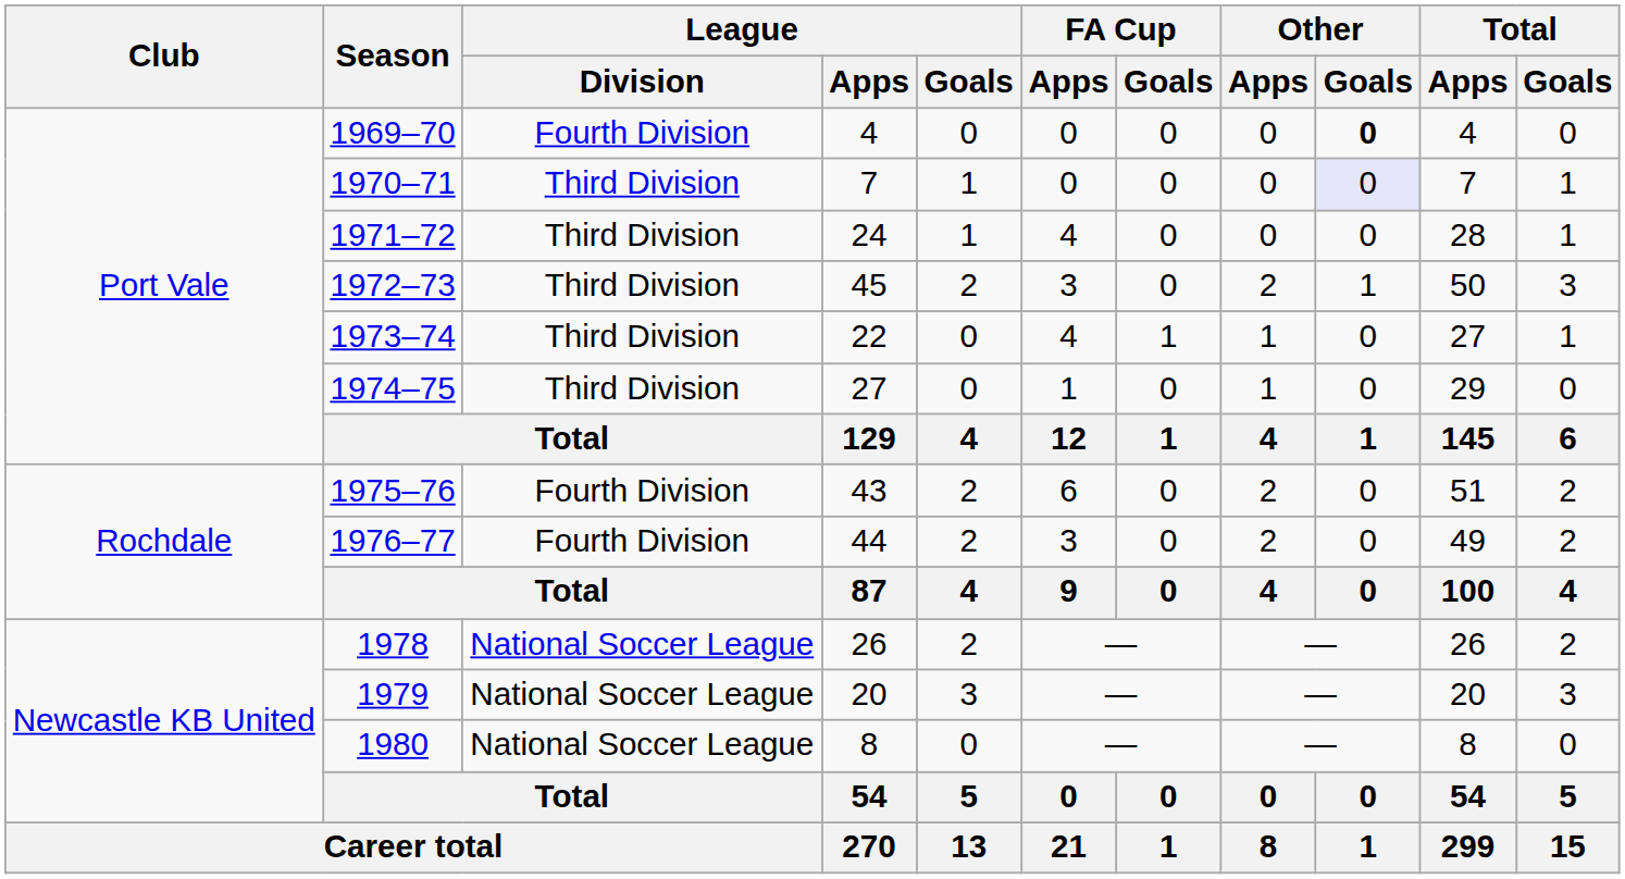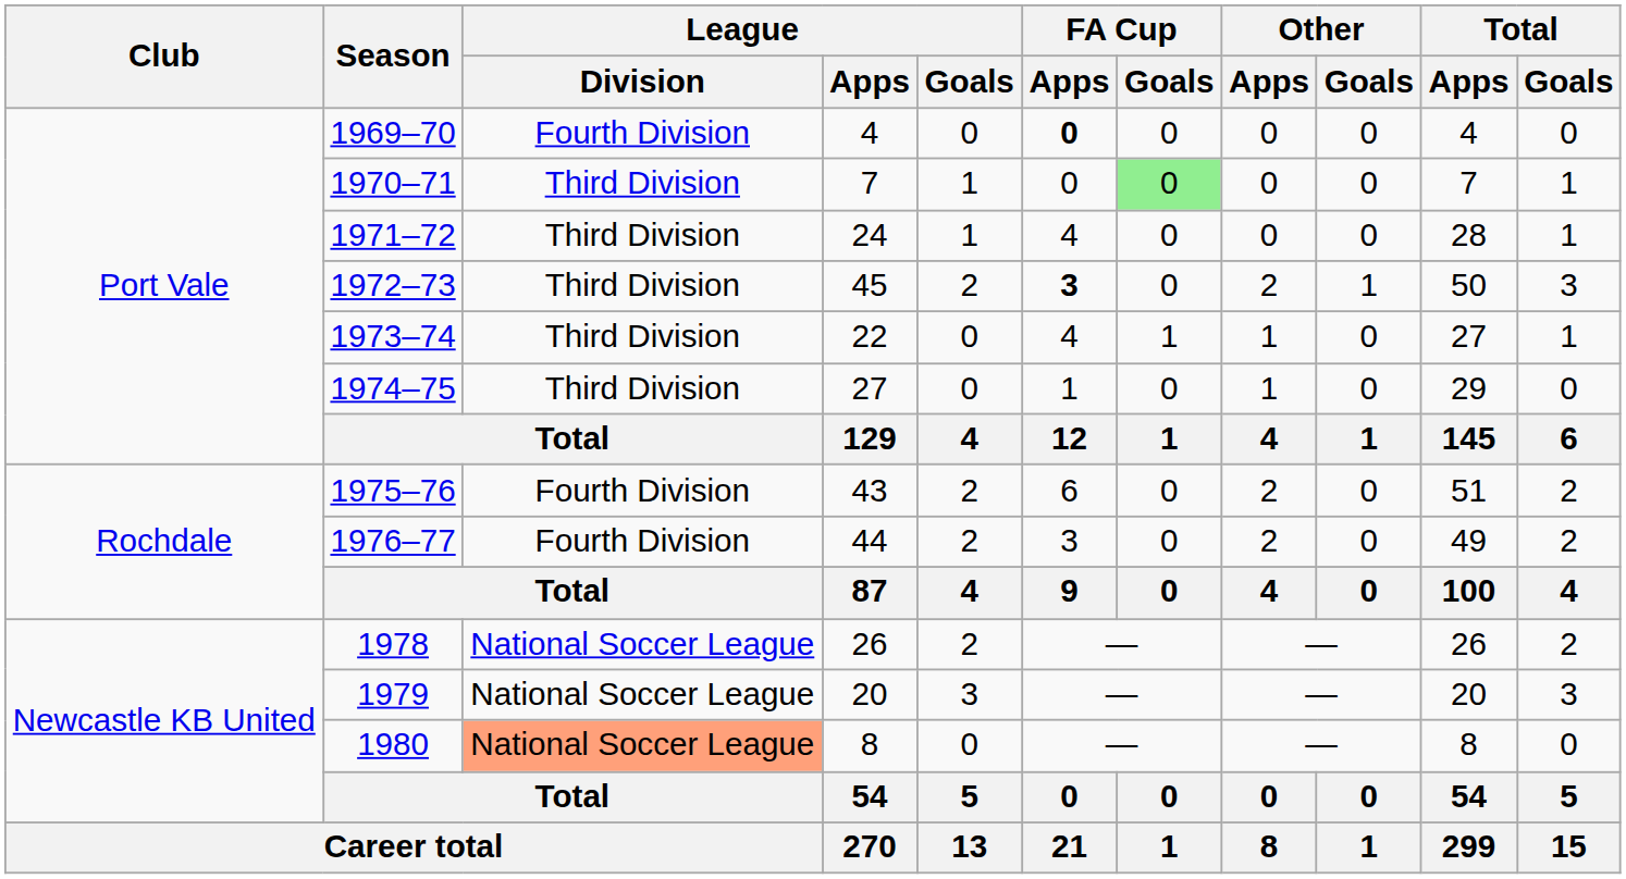 <table class="wikitable" style="text-align: center;">
 <tr>
 <th rowspan="2">Club</th>
 <th rowspan="2">Season</th>
 <th colspan="3">League</th>
 <th colspan="2">FA Cup</th>
 <th colspan="2">Other</th>
 <th colspan="2">Total</th>
 </tr>
 <tr>
 <th>Division</th>
 <th>Apps</th>
 <th>Goals</th>
 <th>Apps</th>
 <th>Goals</th>
 <th>Apps</th>
 <th>Goals</th>
 <th>Apps</th>
 <th>Goals</th>
 </tr>
 <tr>
 <td rowspan="7"><a href='#'>Port Vale</a></td>
 <td><a href='#'>1969–70</a></td>
 <td><a href='#'>Fourth Division</a></td>
 <td>4</td>
 <td>0</td>
+<td><strong>0</strong></td>
 <td>0</td>
 <td>0</td>
 <td>0</td>
-<td><strong>0</strong></td>
 <td>4</td>
 <td>0</td>
 </tr>
 <tr>
 <td><a href='#'>1970–71</a></td>
 <td><a href='#'>Third Division</a></td>
 <td>7</td>
 <td>1</td>
 <td>0</td>
+<td style="background: lightgreen;">0</td>
 <td>0</td>
 <td>0</td>
-<td style="background: lavender;">0</td>
 <td>7</td>
 <td>1</td>
 </tr>
 <tr>
 <td><a href='#'>1971–72</a></td>
 <td>Third Division</td>
 <td>24</td>
 <td>1</td>
 <td>4</td>
 <td>0</td>
 <td>0</td>
 <td>0</td>
 <td>28</td>
 <td>1</td>
 </tr>
 <tr>
 <td><a href='#'>1972–73</a></td>
 <td>Third Division</td>
 <td>45</td>
 <td>2</td>
-<td>3</td>
+<td><strong>3</strong></td>
 <td>0</td>
 <td>2</td>
 <td>1</td>
 <td>50</td>
 <td>3</td>
 </tr>
 <tr>
 <td><a href='#'>1973–74</a></td>
 <td>Third Division</td>
 <td>22</td>
 <td>0</td>
 <td>4</td>
 <td>1</td>
 <td>1</td>
 <td>0</td>
 <td>27</td>
 <td>1</td>
 </tr>
 <tr>
 <td><a href='#'>1974–75</a></td>
 <td>Third Division</td>
 <td>27</td>
 <td>0</td>
 <td>1</td>
 <td>0</td>
 <td>1</td>
 <td>0</td>
 <td>29</td>
 <td>0</td>
 </tr>
 <tr>
 <th colspan="2">Total</th>
 <th>129</th>
 <th>4</th>
 <th>12</th>
 <th>1</th>
 <th>4</th>
 <th>1</th>
 <th>145</th>
 <th>6</th>
 </tr>
 <tr>
 <td rowspan="3"><a href='#'>Rochdale</a></td>
 <td><a href='#'>1975–76</a></td>
 <td>Fourth Division</td>
 <td>43</td>
 <td>2</td>
 <td>6</td>
 <td>0</td>
 <td>2</td>
 <td>0</td>
 <td>51</td>
 <td>2</td>
 </tr>
 <tr>
 <td><a href='#'>1976–77</a></td>
 <td>Fourth Division</td>
 <td>44</td>
 <td>2</td>
 <td>3</td>
 <td>0</td>
 <td>2</td>
 <td>0</td>
 <td>49</td>
 <td>2</td>
 </tr>
 <tr>
 <th colspan="2">Total</th>
 <th>87</th>
 <th>4</th>
 <th>9</th>
 <th>0</th>
 <th>4</th>
 <th>0</th>
 <th>100</th>
 <th>4</th>
 </tr>
 <tr>
 <td rowspan="4"><a href='#'>Newcastle KB United</a></td>
 <td><a href='#'>1978</a></td>
 <td><a href='#'>National Soccer League</a></td>
 <td>26</td>
 <td>2</td>
 <td colspan=2>—</td>
 <td colspan=2>—</td>
 <td>26</td>
 <td>2</td>
 </tr>
 <tr>
 <td><a href='#'>1979</a></td>
 <td>National Soccer League</td>
 <td>20</td>
 <td>3</td>
 <td colspan=2>—</td>
 <td colspan=2>—</td>
 <td>20</td>
 <td>3</td>
 </tr>
 <tr>
 <td><a href='#'>1980</a></td>
-<td>National Soccer League</td>
+<td style="background: lightsalmon;">National Soccer League</td>
 <td>8</td>
 <td>0</td>
 <td colspan=2>—</td>
 <td colspan=2>—</td>
 <td>8</td>
 <td>0</td>
 </tr>
 <tr>
 <th colspan="2">Total</th>
 <th>54</th>
 <th>5</th>
 <th>0</th>
 <th>0</th>
 <th>0</th>
 <th>0</th>
 <th>54</th>
 <th>5</th>
 </tr>
 <tr>
 <th colspan="3">Career total</th>
 <th>270</th>
 <th>13</th>
 <th>21</th>
 <th>1</th>
 <th>8</th>
 <th>1</th>
 <th>299</th>
 <th>15</th>
 </tr>
 </table>
